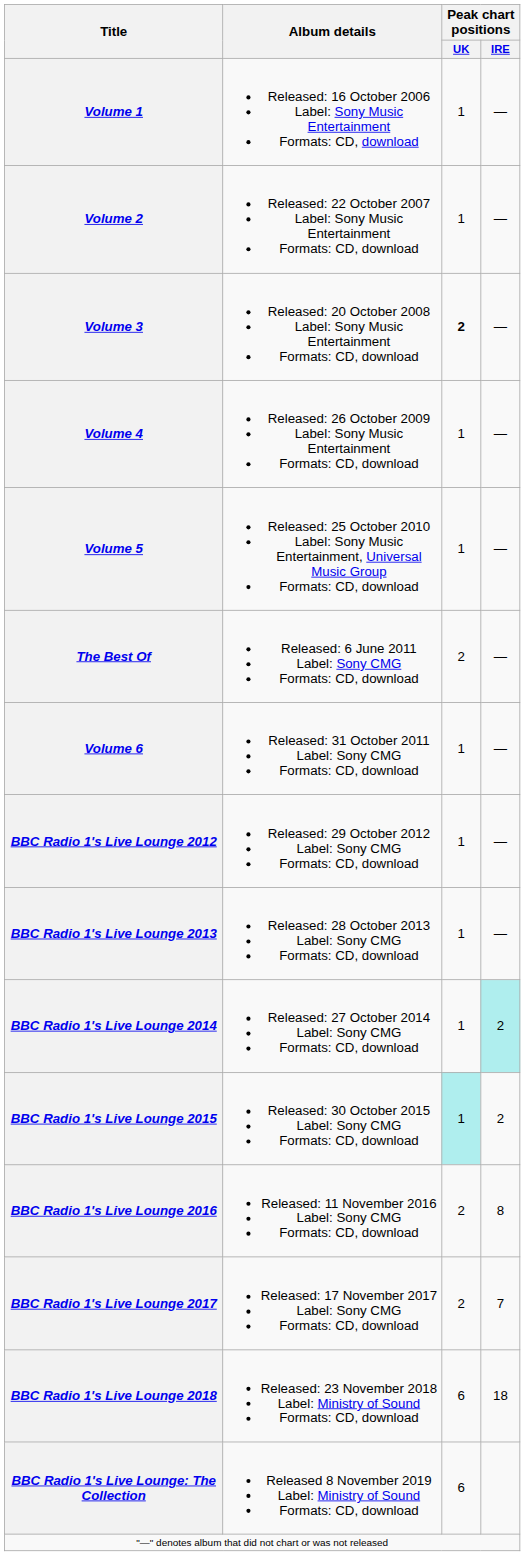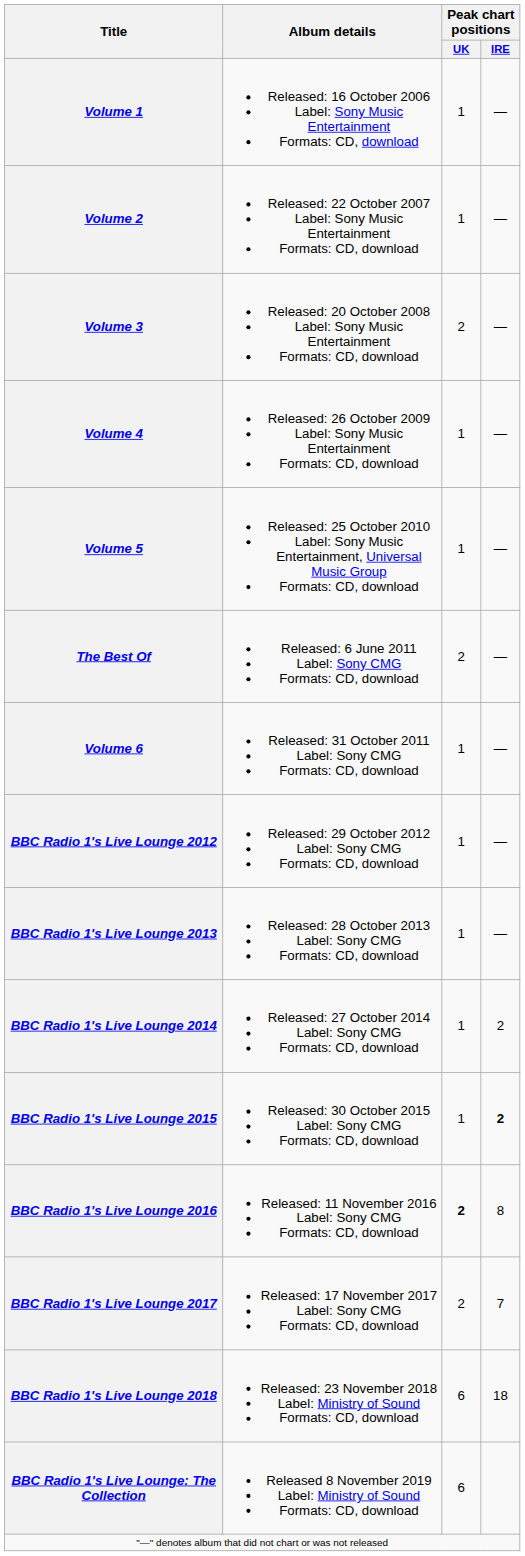 <table class="wikitable plainrowheaders" style="text-align:center;" border="1">
 <tr>
 <th scope="col" rowspan="2" style="width:16em;">Title</th>
 <th scope="col" rowspan="2" style="width:16em;">Album details</th>
 <th scope="col" colspan="2">Peak chart positions</th>
 </tr>
 <tr>
 <th scope="col" style="width:3em;font-size:85%;"><a href='#'>UK</a></th>
 <th scope="col" style="width:3em;font-size:85%;"><a href='#'>IRE</a><br></th>
 </tr>
 <tr>
 <th scope="row"><strong><em><a href='#'>Volume 1</a></em></strong></th>
 <td><br><ul><li>Released: 16 October 2006</li><li>Label: <a href='#'>Sony Music Entertainment</a></li><li>Formats: CD, <a href='#'>download</a></li></ul></td>
 <td>1</td>
 <td>—</td>
 </tr>
 <tr>
 <th scope="row"><strong><em><a href='#'>Volume 2</a></em></strong></th>
 <td><br><ul><li>Released: 22 October 2007</li><li>Label: Sony Music Entertainment</li><li>Formats: CD, download</li></ul></td>
 <td>1</td>
 <td>—</td>
 </tr>
 <tr>
 <th scope="row"><strong><em><a href='#'>Volume 3</a></em></strong></th>
 <td><br><ul><li>Released: 20 October 2008</li><li>Label: Sony Music Entertainment</li><li>Formats: CD, download</li></ul></td>
-<td><strong>2</strong></td>
+<td>2</td>
 <td>—</td>
 </tr>
 <tr>
 <th scope="row"><strong><em><a href='#'>Volume 4</a></em></strong></th>
 <td><br><ul><li>Released: 26 October 2009</li><li>Label: Sony Music Entertainment</li><li>Formats: CD, download</li></ul></td>
 <td>1</td>
 <td>—</td>
 </tr>
 <tr>
 <th scope="row"><strong><em><a href='#'>Volume 5</a></em></strong></th>
 <td><br><ul><li>Released: 25 October 2010</li><li>Label: Sony Music Entertainment, <a href='#'>Universal Music Group</a></li><li>Formats: CD, download</li></ul></td>
 <td>1</td>
 <td>—</td>
 </tr>
 <tr>
 <th scope="row"><strong><em><a href='#'>The Best Of</a></em></strong></th>
 <td><br><ul><li>Released: 6 June 2011</li><li>Label: <a href='#'>Sony CMG</a></li><li>Formats: CD, download</li></ul></td>
 <td>2</td>
 <td>—</td>
 </tr>
 <tr>
 <th scope="row"><strong><em><a href='#'>Volume 6</a></em></strong></th>
 <td><br><ul><li>Released: 31 October 2011</li><li>Label: Sony CMG</li><li>Formats: CD, download</li></ul></td>
 <td>1</td>
 <td>—</td>
 </tr>
 <tr>
 <th scope="row"><strong><em><a href='#'>BBC Radio 1's Live Lounge 2012</a></em></strong></th>
 <td><br><ul><li>Released: 29 October 2012</li><li>Label: Sony CMG</li><li>Formats: CD, download</li></ul></td>
 <td>1</td>
 <td>—</td>
 </tr>
 <tr>
 <th scope="row"><strong><em><a href='#'>BBC Radio 1's Live Lounge 2013</a></em></strong></th>
 <td><br><ul><li>Released: 28 October 2013</li><li>Label: Sony CMG</li><li>Formats: CD, download</li></ul></td>
 <td>1</td>
 <td>—</td>
 </tr>
 <tr>
 <th scope="row"><strong><em><a href='#'>BBC Radio 1's Live Lounge 2014</a></em></strong></th>
 <td><br><ul><li>Released: 27 October 2014</li><li>Label: Sony CMG</li><li>Formats: CD, download</li></ul></td>
 <td>1</td>
-<td style="background: paleturquoise;">2</td>
+<td>2</td>
 </tr>
 <tr>
 <th scope="row"><strong><em><a href='#'>BBC Radio 1's Live Lounge 2015</a></em></strong></th>
 <td><br><ul><li>Released: 30 October 2015</li><li>Label: Sony CMG</li><li>Formats: CD, download</li></ul></td>
-<td style="background: paleturquoise;">1</td>
-<td>2</td>
+<td>1</td>
+<td><strong>2</strong></td>
 </tr>
 <tr>
 <th scope="row"><strong><em><a href='#'>BBC Radio 1's Live Lounge 2016</a></em></strong></th>
 <td><br><ul><li>Released: 11 November 2016</li><li>Label: Sony CMG</li><li>Formats: CD, download</li></ul></td>
-<td>2</td>
+<td><strong>2</strong></td>
 <td>8</td>
 </tr>
 <tr>
 <th scope="row"><strong><em><a href='#'>BBC Radio 1's Live Lounge 2017</a></em></strong></th>
 <td><br><ul><li>Released: 17 November 2017</li><li>Label: Sony CMG</li><li>Formats: CD, download</li></ul></td>
 <td>2</td>
 <td>7</td>
 </tr>
 <tr>
 <th scope="row"><strong><em><a href='#'>BBC Radio 1's Live Lounge 2018</a></em></strong></th>
 <td><br><ul><li>Released: 23 November 2018</li><li>Label: <a href='#'>Ministry of Sound</a></li><li>Formats: CD, download</li></ul></td>
 <td>6</td>
 <td>18</td>
 </tr>
 <tr>
 <th scope="row"><strong><em><a href='#'>BBC Radio 1's Live Lounge: The Collection</a></em></strong></th>
 <td><br><ul><li>Released 8 November 2019</li><li>Label: <a href='#'>Ministry of Sound</a></li><li>Formats: CD, download</li></ul></td>
 <td>6</td>
 </tr>
 <tr>
 <td colspan="14" style="font-size:9pt">"—" denotes album that did not chart or was not released</td>
 </tr>
 </table>
